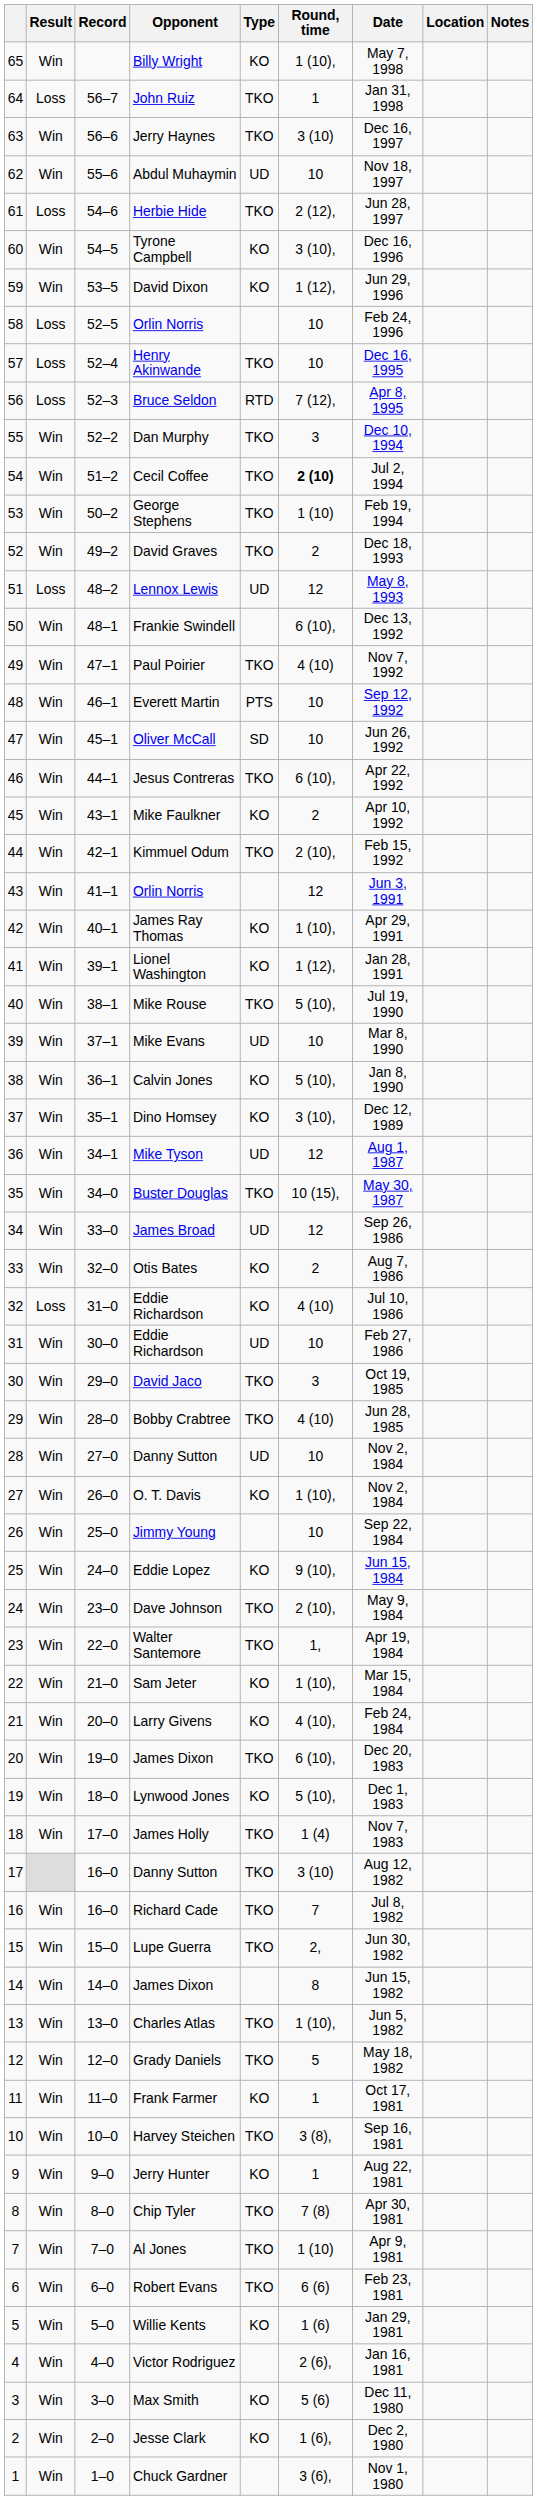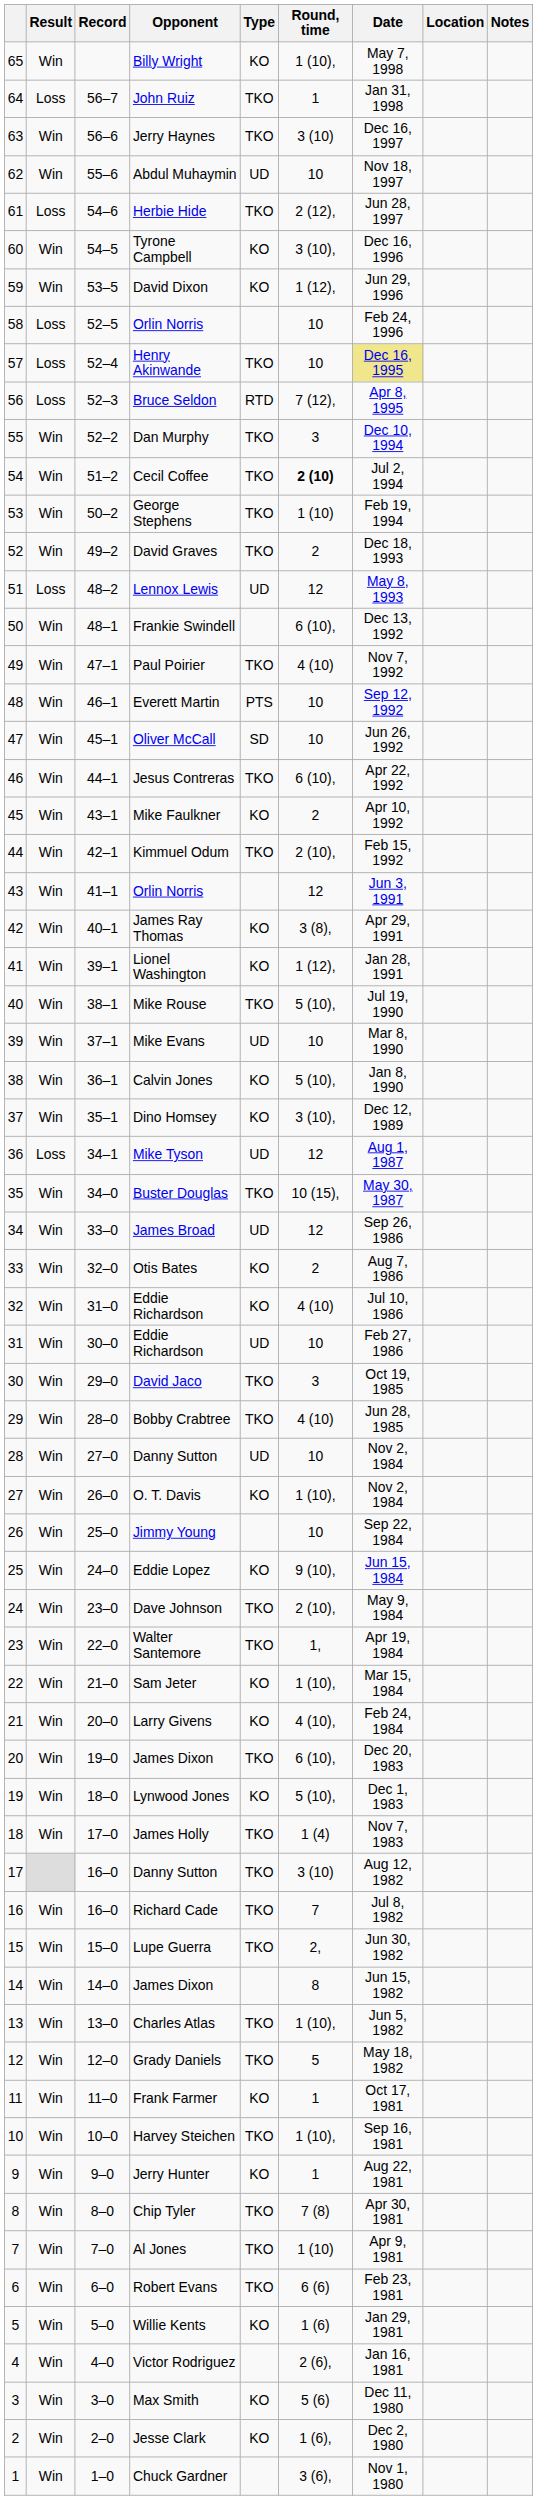 <table class="wikitable" style="text-align:center">
 <tr>
 <th></th>
 <th>Result</th>
 <th>Record</th>
 <th>Opponent</th>
 <th>Type</th>
 <th>Round, time</th>
 <th>Date</th>
 <th>Location</th>
 <th>Notes</th>
 </tr>
 <tr>
 <td>65</td>
 <td>Win</td>
 <td></td>
 <td style="text-align:left;"><a href='#'>Billy Wright</a></td>
 <td>KO</td>
 <td>1 (10), </td>
 <td>May 7, 1998</td>
 <td style="text-align:left;"></td>
 <td></td>
 </tr>
 <tr>
 <td>64</td>
 <td>Loss</td>
 <td>56–7 </td>
 <td style="text-align:left;"><a href='#'>John Ruiz</a></td>
 <td>TKO</td>
 <td>1</td>
 <td>Jan 31, 1998</td>
 <td style="text-align:left;"></td>
 <td style="text-align:left;"></td>
 </tr>
 <tr>
 <td>63</td>
 <td>Win</td>
 <td>56–6 </td>
 <td style="text-align:left;">Jerry Haynes</td>
 <td>TKO</td>
 <td>3 (10)</td>
 <td>Dec 16, 1997</td>
 <td style="text-align:left;"></td>
 <td></td>
 </tr>
 <tr>
 <td>62</td>
 <td>Win</td>
 <td>55–6 </td>
 <td style="text-align:left;">Abdul Muhaymin</td>
 <td>UD</td>
 <td>10</td>
 <td>Nov 18, 1997</td>
 <td style="text-align:left;"></td>
 <td></td>
 </tr>
 <tr>
 <td>61</td>
 <td>Loss</td>
 <td>54–6 </td>
 <td style="text-align:left;"><a href='#'>Herbie Hide</a></td>
 <td>TKO</td>
 <td>2 (12), </td>
 <td>Jun 28, 1997</td>
 <td style="text-align:left;"></td>
 <td style="text-align:left;"></td>
 </tr>
 <tr>
 <td>60</td>
 <td>Win</td>
 <td>54–5 </td>
 <td style="text-align:left;">Tyrone Campbell</td>
 <td>KO</td>
 <td>3 (10), </td>
 <td>Dec 16, 1996</td>
 <td style="text-align:left;"></td>
 <td></td>
 </tr>
 <tr>
 <td>59</td>
 <td>Win</td>
 <td>53–5 </td>
 <td style="text-align:left;">David Dixon</td>
 <td>KO</td>
 <td>1 (12), </td>
 <td>Jun 29, 1996</td>
 <td style="text-align:left;"></td>
 <td style="text-align:left;"></td>
 </tr>
 <tr>
 <td>58</td>
 <td>Loss</td>
 <td>52–5 </td>
 <td style="text-align:left;"><a href='#'>Orlin Norris</a></td>
 <td></td>
 <td>10</td>
 <td>Feb 24, 1996</td>
 <td style="text-align:left;"></td>
 <td></td>
 </tr>
 <tr>
 <td>57</td>
 <td>Loss</td>
 <td>52–4 </td>
 <td style="text-align:left;"><a href='#'>Henry Akinwande</a></td>
 <td>TKO</td>
 <td>10</td>
-<td><a href='#'>Dec 16, 1995</a></td>
+<td style="background: khaki;"><a href='#'>Dec 16, 1995</a></td>
 <td style="text-align:left;"></td>
 <td></td>
 </tr>
 <tr>
 <td>56</td>
 <td>Loss</td>
 <td>52–3 </td>
 <td style="text-align:left;"><a href='#'>Bruce Seldon</a></td>
 <td>RTD</td>
 <td>7 (12), </td>
 <td><a href='#'>Apr 8, 1995</a></td>
 <td style="text-align:left;"></td>
 <td style="text-align:left;"></td>
 </tr>
 <tr>
 <td>55</td>
 <td>Win</td>
 <td>52–2 </td>
 <td style="text-align:left;">Dan Murphy</td>
 <td>TKO</td>
 <td>3</td>
 <td><a href='#'>Dec 10, 1994</a></td>
 <td style="text-align:left;"></td>
 <td></td>
 </tr>
 <tr>
 <td>54</td>
 <td>Win</td>
 <td>51–2 </td>
 <td style="text-align:left;">Cecil Coffee</td>
 <td>TKO</td>
 <td><strong>2 (10)</strong></td>
 <td>Jul 2, 1994</td>
 <td style="text-align:left;"></td>
 <td></td>
 </tr>
 <tr>
 <td>53</td>
 <td>Win</td>
 <td>50–2 </td>
 <td style="text-align:left;">George Stephens</td>
 <td>TKO</td>
 <td>1 (10)</td>
 <td>Feb 19, 1994</td>
 <td style="text-align:left;"></td>
 <td></td>
 </tr>
 <tr>
 <td>52</td>
 <td>Win</td>
 <td>49–2 </td>
 <td style="text-align:left;">David Graves</td>
 <td>TKO</td>
 <td>2</td>
 <td>Dec 18, 1993</td>
 <td style="text-align:left;"></td>
 <td></td>
 </tr>
 <tr>
 <td>51</td>
 <td>Loss</td>
 <td>48–2 </td>
 <td style="text-align:left;"><a href='#'>Lennox Lewis</a></td>
 <td>UD</td>
 <td>12</td>
 <td><a href='#'>May 8, 1993</a></td>
 <td style="text-align:left;"></td>
 <td style="text-align:left;"></td>
 </tr>
 <tr>
 <td>50</td>
 <td>Win</td>
 <td>48–1 </td>
 <td style="text-align:left;">Frankie Swindell</td>
 <td></td>
 <td>6 (10), </td>
 <td>Dec 13, 1992</td>
 <td style="text-align:left;"></td>
 <td></td>
 </tr>
 <tr>
 <td>49</td>
 <td>Win</td>
 <td>47–1 </td>
 <td style="text-align:left;">Paul Poirier</td>
 <td>TKO</td>
 <td>4 (10)</td>
 <td>Nov 7, 1992</td>
 <td style="text-align:left;"></td>
 <td></td>
 </tr>
 <tr>
 <td>48</td>
 <td>Win</td>
 <td>46–1 </td>
 <td style="text-align:left;">Everett Martin</td>
 <td>PTS</td>
 <td>10</td>
 <td><a href='#'>Sep 12, 1992</a></td>
 <td style="text-align:left;"></td>
 <td></td>
 </tr>
 <tr>
 <td>47</td>
 <td>Win</td>
 <td>45–1 </td>
 <td style="text-align:left;"><a href='#'>Oliver McCall</a></td>
 <td>SD</td>
 <td>10</td>
 <td>Jun 26, 1992</td>
 <td style="text-align:left;"></td>
 <td style="text-align:left;"></td>
 </tr>
 <tr>
 <td>46</td>
 <td>Win</td>
 <td>44–1 </td>
 <td style="text-align:left;">Jesus Contreras</td>
 <td>TKO</td>
 <td>6 (10), </td>
 <td>Apr 22, 1992</td>
 <td style="text-align:left;"></td>
 <td></td>
 </tr>
 <tr>
 <td>45</td>
 <td>Win</td>
 <td>43–1 </td>
 <td style="text-align:left;">Mike Faulkner</td>
 <td>KO</td>
 <td>2</td>
 <td>Apr 10, 1992</td>
 <td style="text-align:left;"></td>
 <td></td>
 </tr>
 <tr>
 <td>44</td>
 <td>Win</td>
 <td>42–1 </td>
 <td style="text-align:left;">Kimmuel Odum</td>
 <td>TKO</td>
 <td>2 (10), </td>
 <td>Feb 15, 1992</td>
 <td style="text-align:left;"></td>
 <td></td>
 </tr>
 <tr>
 <td>43</td>
 <td>Win</td>
 <td>41–1 </td>
 <td style="text-align:left;"><a href='#'>Orlin Norris</a></td>
 <td></td>
 <td>12</td>
 <td><a href='#'>Jun 3, 1991</a></td>
 <td style="text-align:left;"></td>
 <td style="text-align:left;"></td>
 </tr>
 <tr>
 <td>42</td>
 <td>Win</td>
 <td>40–1 </td>
 <td style="text-align:left;">James Ray Thomas</td>
 <td>KO</td>
-<td>1 (10), </td>
+<td>3 (8), </td>
 <td>Apr 29, 1991</td>
 <td style="text-align:left;"></td>
 <td></td>
 </tr>
 <tr>
 <td>41</td>
 <td>Win</td>
 <td>39–1 </td>
 <td style="text-align:left;">Lionel Washington</td>
 <td>KO</td>
 <td>1 (12), </td>
 <td>Jan 28, 1991</td>
 <td style="text-align:left;"></td>
 <td style="text-align:left;"></td>
 </tr>
 <tr>
 <td>40</td>
 <td>Win</td>
 <td>38–1 </td>
 <td style="text-align:left;">Mike Rouse</td>
 <td>TKO</td>
 <td>5 (10), </td>
 <td>Jul 19, 1990</td>
 <td style="text-align:left;"></td>
 <td></td>
 </tr>
 <tr>
 <td>39</td>
 <td>Win</td>
 <td>37–1 </td>
 <td style="text-align:left;">Mike Evans</td>
 <td>UD</td>
 <td>10</td>
 <td>Mar 8, 1990</td>
 <td style="text-align:left;"></td>
 <td></td>
 </tr>
 <tr>
 <td>38</td>
 <td>Win</td>
 <td>36–1 </td>
 <td style="text-align:left;">Calvin Jones</td>
 <td>KO</td>
 <td>5 (10), </td>
 <td>Jan 8, 1990</td>
 <td style="text-align:left;"></td>
 <td></td>
 </tr>
 <tr>
 <td>37</td>
 <td>Win</td>
 <td>35–1 </td>
 <td style="text-align:left;">Dino Homsey</td>
 <td>KO</td>
 <td>3 (10), </td>
 <td>Dec 12, 1989</td>
 <td style="text-align:left;"></td>
 <td></td>
 </tr>
 <tr>
 <td>36</td>
-<td>Win</td>
+<td>Loss</td>
 <td>34–1 </td>
 <td style="text-align:left;"><a href='#'>Mike Tyson</a></td>
 <td>UD</td>
 <td>12</td>
 <td><a href='#'>Aug 1, 1987</a></td>
 <td style="text-align:left;"></td>
 <td style="text-align:left;"></td>
 </tr>
 <tr>
 <td>35</td>
 <td>Win</td>
 <td>34–0 </td>
 <td style="text-align:left;"><a href='#'>Buster Douglas</a></td>
 <td>TKO</td>
 <td>10 (15), </td>
 <td><a href='#'>May 30, 1987</a></td>
 <td style="text-align:left;"></td>
 <td style="text-align:left;"></td>
 </tr>
 <tr>
 <td>34</td>
 <td>Win</td>
 <td>33–0 </td>
 <td style="text-align:left;"><a href='#'>James Broad</a></td>
 <td>UD</td>
 <td>12</td>
 <td>Sep 26, 1986</td>
 <td style="text-align:left;"></td>
 <td style="text-align:left;"></td>
 </tr>
 <tr>
 <td>33</td>
 <td>Win</td>
 <td>32–0 </td>
 <td style="text-align:left;">Otis Bates</td>
 <td>KO</td>
 <td>2</td>
 <td>Aug 7, 1986</td>
 <td style="text-align:left;"></td>
 <td></td>
 </tr>
 <tr>
 <td>32</td>
-<td>Loss</td>
+<td>Win</td>
 <td>31–0 </td>
 <td style="text-align:left;">Eddie Richardson</td>
 <td>KO</td>
 <td>4 (10)</td>
 <td>Jul 10, 1986</td>
 <td style="text-align:left;"></td>
 <td></td>
 </tr>
 <tr>
 <td>31</td>
 <td>Win</td>
 <td>30–0 </td>
 <td style="text-align:left;">Eddie Richardson</td>
 <td>UD</td>
 <td>10</td>
 <td>Feb 27, 1986</td>
 <td style="text-align:left;"></td>
 <td></td>
 </tr>
 <tr>
 <td>30</td>
 <td>Win</td>
 <td>29–0 </td>
 <td style="text-align:left;"><a href='#'>David Jaco</a></td>
 <td>TKO</td>
 <td>3</td>
 <td>Oct 19, 1985</td>
 <td style="text-align:left;"></td>
 <td></td>
 </tr>
 <tr>
 <td>29</td>
 <td>Win</td>
 <td>28–0 </td>
 <td style="text-align:left;">Bobby Crabtree</td>
 <td>TKO</td>
 <td>4 (10)</td>
 <td>Jun 28, 1985</td>
 <td style="text-align:left;"></td>
 <td></td>
 </tr>
 <tr>
 <td>28</td>
 <td>Win</td>
 <td>27–0 </td>
 <td style="text-align:left;">Danny Sutton</td>
 <td>UD</td>
 <td>10</td>
 <td>Nov 2, 1984</td>
 <td style="text-align:left;"></td>
 <td></td>
 </tr>
 <tr>
 <td>27</td>
 <td>Win</td>
 <td>26–0 </td>
 <td style="text-align:left;">O. T. Davis</td>
 <td>KO</td>
 <td>1 (10), </td>
 <td>Nov 2, 1984</td>
 <td style="text-align:left;"></td>
 <td></td>
 </tr>
 <tr>
 <td>26</td>
 <td>Win</td>
 <td>25–0 </td>
 <td style="text-align:left;"><a href='#'>Jimmy Young</a></td>
 <td></td>
 <td>10</td>
 <td>Sep 22, 1984</td>
 <td style="text-align:left;"></td>
 <td></td>
 </tr>
 <tr>
 <td>25</td>
 <td>Win</td>
 <td>24–0 </td>
 <td style="text-align:left;">Eddie Lopez</td>
 <td>KO</td>
 <td>9 (10), </td>
 <td><a href='#'>Jun 15, 1984</a></td>
 <td style="text-align:left;"></td>
 <td></td>
 </tr>
 <tr>
 <td>24</td>
 <td>Win</td>
 <td>23–0 </td>
 <td style="text-align:left;">Dave Johnson</td>
 <td>TKO</td>
 <td>2 (10), </td>
 <td>May 9, 1984</td>
 <td style="text-align:left;"></td>
 <td></td>
 </tr>
 <tr>
 <td>23</td>
 <td>Win</td>
 <td>22–0 </td>
 <td style="text-align:left;">Walter Santemore</td>
 <td>TKO</td>
 <td>1, </td>
 <td>Apr 19, 1984</td>
 <td style="text-align:left;"></td>
 <td></td>
 </tr>
 <tr>
 <td>22</td>
 <td>Win</td>
 <td>21–0 </td>
 <td style="text-align:left;">Sam Jeter</td>
 <td>KO</td>
 <td>1 (10), </td>
 <td>Mar 15, 1984</td>
 <td style="text-align:left;"></td>
 <td></td>
 </tr>
 <tr>
 <td>21</td>
 <td>Win</td>
 <td>20–0 </td>
 <td style="text-align:left;">Larry Givens</td>
 <td>KO</td>
 <td>4 (10), </td>
 <td>Feb 24, 1984</td>
 <td style="text-align:left;"></td>
 <td></td>
 </tr>
 <tr>
 <td>20</td>
 <td>Win</td>
 <td>19–0 </td>
 <td style="text-align:left;">James Dixon</td>
 <td>TKO</td>
 <td>6 (10), </td>
 <td>Dec 20, 1983</td>
 <td style="text-align:left;"></td>
 <td></td>
 </tr>
 <tr>
 <td>19</td>
 <td>Win</td>
 <td>18–0 </td>
 <td style="text-align:left;">Lynwood Jones</td>
 <td>KO</td>
 <td>5 (10), </td>
 <td>Dec 1, 1983</td>
 <td style="text-align:left;"></td>
 <td></td>
 </tr>
 <tr>
 <td>18</td>
 <td>Win</td>
 <td>17–0 </td>
 <td style="text-align:left;">James Holly</td>
 <td>TKO</td>
 <td>1 (4)</td>
 <td>Nov 7, 1983</td>
 <td style="text-align:left;"></td>
 <td></td>
 </tr>
 <tr>
 <td>17</td>
 <td style="background:#DDD"></td>
 <td>16–0 </td>
 <td style="text-align:left;">Danny Sutton</td>
 <td>TKO</td>
 <td>3 (10)</td>
 <td>Aug 12, 1982</td>
 <td style="text-align:left;"></td>
 <td style="text-align:left;"></td>
 </tr>
 <tr>
 <td>16</td>
 <td>Win</td>
 <td>16–0</td>
 <td style="text-align:left;">Richard Cade</td>
 <td>TKO</td>
 <td>7</td>
 <td>Jul 8, 1982</td>
 <td style="text-align:left;"></td>
 <td></td>
 </tr>
 <tr>
 <td>15</td>
 <td>Win</td>
 <td>15–0</td>
 <td style="text-align:left;">Lupe Guerra</td>
 <td>TKO</td>
 <td>2, </td>
 <td>Jun 30, 1982</td>
 <td style="text-align:left;"></td>
 <td></td>
 </tr>
 <tr>
 <td>14</td>
 <td>Win</td>
 <td>14–0</td>
 <td style="text-align:left;">James Dixon</td>
 <td></td>
 <td>8</td>
 <td>Jun 15, 1982</td>
 <td style="text-align:left;"></td>
 <td></td>
 </tr>
 <tr>
 <td>13</td>
 <td>Win</td>
 <td>13–0</td>
 <td style="text-align:left;">Charles Atlas</td>
 <td>TKO</td>
 <td>1 (10), </td>
 <td>Jun 5, 1982</td>
 <td style="text-align:left;"></td>
 <td></td>
 </tr>
 <tr>
 <td>12</td>
 <td>Win</td>
 <td>12–0</td>
 <td style="text-align:left;">Grady Daniels</td>
 <td>TKO</td>
 <td>5</td>
 <td>May 18, 1982</td>
 <td style="text-align:left;"></td>
 <td></td>
 </tr>
 <tr>
 <td>11</td>
 <td>Win</td>
 <td>11–0</td>
 <td style="text-align:left;">Frank Farmer</td>
 <td>KO</td>
 <td>1</td>
 <td>Oct 17, 1981</td>
 <td style="text-align:left;"></td>
 <td></td>
 </tr>
 <tr>
 <td>10</td>
 <td>Win</td>
 <td>10–0</td>
 <td style="text-align:left;">Harvey Steichen</td>
 <td>TKO</td>
-<td>3 (8), </td>
+<td>1 (10), </td>
 <td>Sep 16, 1981</td>
 <td style="text-align:left;"></td>
 <td></td>
 </tr>
 <tr>
 <td>9</td>
 <td>Win</td>
 <td>9–0</td>
 <td style="text-align:left;">Jerry Hunter</td>
 <td>KO</td>
 <td>1</td>
 <td>Aug 22, 1981</td>
 <td style="text-align:left;"></td>
 <td></td>
 </tr>
 <tr>
 <td>8</td>
 <td>Win</td>
 <td>8–0</td>
 <td style="text-align:left;">Chip Tyler</td>
 <td>TKO</td>
 <td>7 (8)</td>
 <td>Apr 30, 1981</td>
 <td style="text-align:left;"></td>
 <td></td>
 </tr>
 <tr>
 <td>7</td>
 <td>Win</td>
 <td>7–0</td>
 <td style="text-align:left;">Al Jones</td>
 <td>TKO</td>
 <td>1 (10)</td>
 <td>Apr 9, 1981</td>
 <td style="text-align:left;"></td>
 <td></td>
 </tr>
 <tr>
 <td>6</td>
 <td>Win</td>
 <td>6–0</td>
 <td style="text-align:left;">Robert Evans</td>
 <td>TKO</td>
 <td>6 (6)</td>
 <td>Feb 23, 1981</td>
 <td style="text-align:left;"></td>
 <td></td>
 </tr>
 <tr>
 <td>5</td>
 <td>Win</td>
 <td>5–0</td>
 <td style="text-align:left;">Willie Kents</td>
 <td>KO</td>
 <td>1 (6)</td>
 <td>Jan 29, 1981</td>
 <td style="text-align:left;"></td>
 <td></td>
 </tr>
 <tr>
 <td>4</td>
 <td>Win</td>
 <td>4–0</td>
 <td style="text-align:left;">Victor Rodriguez</td>
 <td></td>
 <td>2 (6), </td>
 <td>Jan 16, 1981</td>
 <td style="text-align:left;"></td>
 <td></td>
 </tr>
 <tr>
 <td>3</td>
 <td>Win</td>
 <td>3–0</td>
 <td style="text-align:left;">Max Smith</td>
 <td>KO</td>
 <td>5 (6)</td>
 <td>Dec 11, 1980</td>
 <td style="text-align:left;"></td>
 <td></td>
 </tr>
 <tr>
 <td>2</td>
 <td>Win</td>
 <td>2–0</td>
 <td style="text-align:left;">Jesse Clark</td>
 <td>KO</td>
 <td>1 (6), </td>
 <td>Dec 2, 1980</td>
 <td style="text-align:left;"></td>
 <td></td>
 </tr>
 <tr>
 <td>1</td>
 <td>Win</td>
 <td>1–0</td>
 <td style="text-align:left;">Chuck Gardner</td>
 <td></td>
 <td>3 (6), </td>
 <td>Nov 1, 1980</td>
 <td style="text-align:left;"></td>
 <td></td>
 </tr>
 </table>
